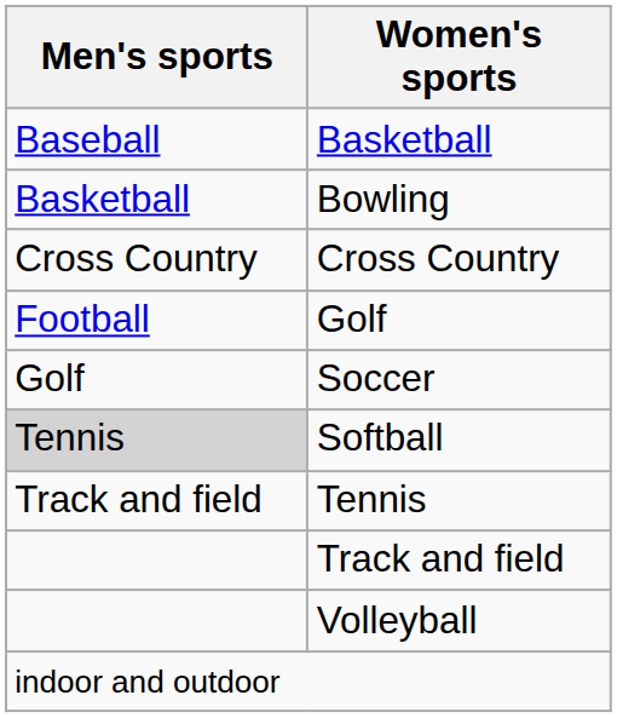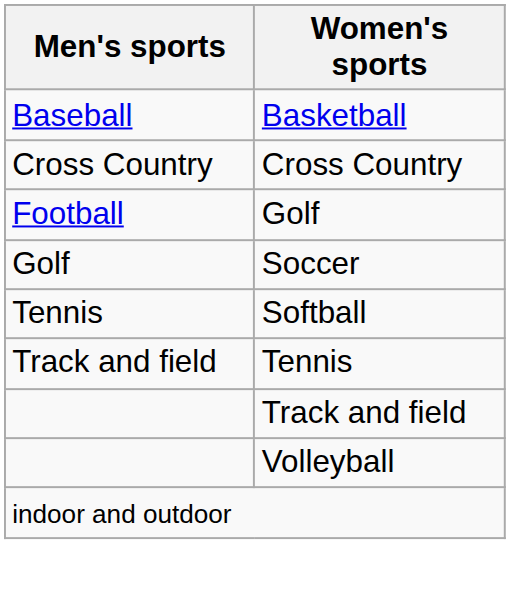 <table class="wikitable">
 <tr>
 <th width=120px>Men's sports</th>
 <th width=120px>Women's sports</th>
 </tr>
 <tr>
 <td><a href='#'>Baseball</a></td>
 <td><a href='#'>Basketball</a></td>
-</tr>
-<tr>
-<td><a href='#'>Basketball</a></td>
-<td>Bowling</td>
 </tr>
 <tr>
 <td>Cross Country</td>
 <td>Cross Country</td>
 </tr>
 <tr>
 <td><a href='#'>Football</a></td>
 <td>Golf</td>
 </tr>
 <tr>
 <td>Golf</td>
 <td>Soccer</td>
 </tr>
 <tr>
-<td style="background: lightgrey;">Tennis</td>
+<td>Tennis</td>
 <td>Softball</td>
 </tr>
 <tr>
 <td>Track and field</td>
 <td>Tennis</td>
 </tr>
 <tr>
 <td></td>
 <td>Track and field</td>
 </tr>
 <tr>
 <td></td>
 <td>Volleyball</td>
 </tr>
 <tr>
 <td colspan=2><small>indoor and outdoor</small></td>
 </tr>
 </table>
